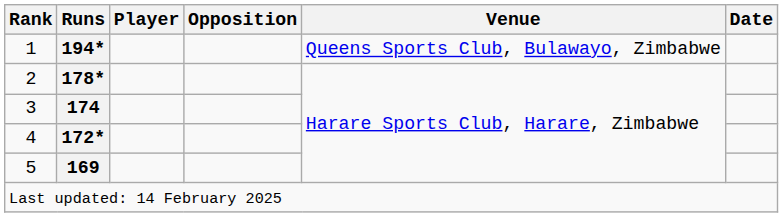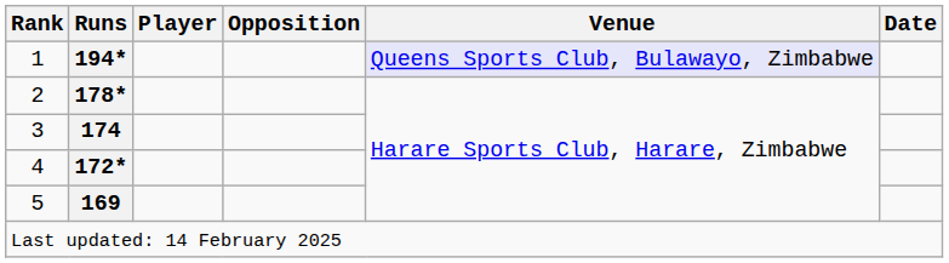 <table class="wikitable plainrowheaders sortable">
 <tr>
 <th scope=col>Rank</th>
 <th scope=col>Runs</th>
 <th scope=col>Player</th>
 <th scope=col>Opposition</th>
 <th scope=col>Venue</th>
 <th scope=col>Date</th>
 </tr>
 <tr>
 <td style="text-align:center">1</td>
 <th scope=row style=text-align:center;>194*</th>
 <td></td>
 <td></td>
-<td><a href='#'>Queens Sports Club</a>, <a href='#'>Bulawayo</a>, Zimbabwe</td>
+<td style="background: lavender;"><a href='#'>Queens Sports Club</a>, <a href='#'>Bulawayo</a>, Zimbabwe</td>
 <td></td>
 </tr>
 <tr>
 <td style="text-align:center">2</td>
 <th scope=row style=text-align:center;>178*</th>
 <td></td>
 <td></td>
 <td rowspan="4"><a href='#'>Harare Sports Club</a>, <a href='#'>Harare</a>, Zimbabwe</td>
 <td></td>
 </tr>
 <tr>
 <td style="text-align:center">3</td>
 <th scope="row" style="text-align:center;">174</th>
 <td></td>
 <td></td>
 <td> </td>
 </tr>
 <tr>
 <td style="text-align:center">4</td>
 <th scope="row" style="text-align:center;">172*</th>
 <td></td>
 <td></td>
 <td> </td>
 </tr>
 <tr>
 <td style="text-align:center">5</td>
 <th scope="row" style="text-align:center;">169</th>
 <td></td>
 <td></td>
 <td></td>
 </tr>
 <tr class="sortbottom">
 <td colspan="6"><small>Last updated: 14 February 2025</small></td>
 </tr>
 </table>
